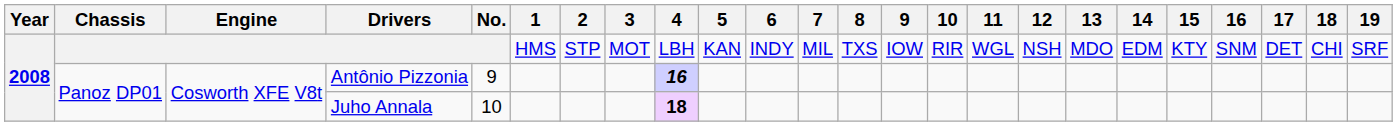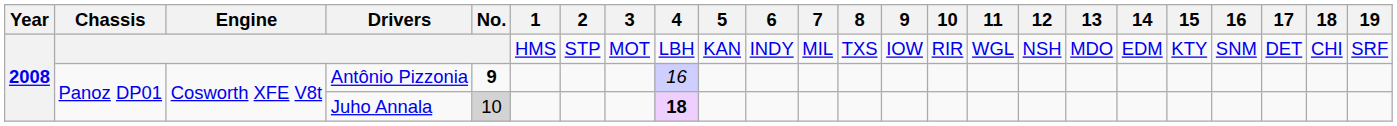 <table class="wikitable" style="text-align:center; font-size:90%">
 <tr>
 <th>Year</th>
 <th>Chassis</th>
 <th>Engine</th>
 <th>Drivers</th>
 <th>No.</th>
 <th>1</th>
 <th>2</th>
 <th>3</th>
 <th>4</th>
 <th>5</th>
 <th>6</th>
 <th>7</th>
 <th>8</th>
 <th>9</th>
 <th>10</th>
 <th>11</th>
 <th>12</th>
 <th>13</th>
 <th>14</th>
 <th>15</th>
 <th>16</th>
 <th>17</th>
 <th>18</th>
 <th>19</th>
 </tr>
 <tr>
 <th rowspan="3"><a href='#'>2008</a></th>
 <th colspan=4></th>
 <td><a href='#'>HMS</a></td>
 <td><a href='#'>STP</a></td>
 <td><a href='#'>MOT</a></td>
 <td><a href='#'>LBH</a></td>
 <td><a href='#'>KAN</a></td>
 <td><a href='#'>INDY</a></td>
 <td><a href='#'>MIL</a></td>
 <td><a href='#'>TXS</a></td>
 <td><a href='#'>IOW</a></td>
 <td><a href='#'>RIR</a></td>
 <td><a href='#'>WGL</a></td>
 <td><a href='#'>NSH</a></td>
 <td><a href='#'>MDO</a></td>
 <td><a href='#'>EDM</a></td>
 <td><a href='#'>KTY</a></td>
 <td><a href='#'>SNM</a></td>
 <td><a href='#'>DET</a></td>
 <td><a href='#'>CHI</a></td>
 <td><a href='#'>SRF</a></td>
 </tr>
 <tr>
 <td rowspan=2><a href='#'>Panoz</a> <a href='#'>DP01</a></td>
 <td rowspan=2><a href='#'>Cosworth</a> <a href='#'>XFE</a> <a href='#'>V8</a><a href='#'>t</a></td>
 <td align="left"> <a href='#'>Antônio Pizzonia</a></td>
-<td>9</td>
+<td><strong>9</strong></td>
 <td></td>
 <td></td>
 <td></td>
-<td style="background:#cfcfff; text-align:center;"><strong><em>16</em></strong></td>
+<td style="background:#cfcfff; text-align:center;"><em>16</em></td>
 <td></td>
 <td></td>
 <td></td>
 <td></td>
 <td></td>
 <td></td>
 <td></td>
 <td></td>
 <td></td>
 <td></td>
 <td></td>
 <td></td>
 <td></td>
 <td></td>
 <td></td>
 </tr>
 <tr>
 <td align="left"> <a href='#'>Juho Annala</a></td>
-<td>10</td>
+<td style="background: lightgrey;">10</td>
 <td></td>
 <td></td>
 <td></td>
 <td style="background:#efcfff; text-align:center;"><strong>18</strong></td>
 <td></td>
 <td></td>
 <td></td>
 <td></td>
 <td></td>
 <td></td>
 <td></td>
 <td></td>
 <td></td>
 <td></td>
 <td></td>
 <td></td>
 <td></td>
 <td></td>
 <td></td>
 </tr>
 </table>
